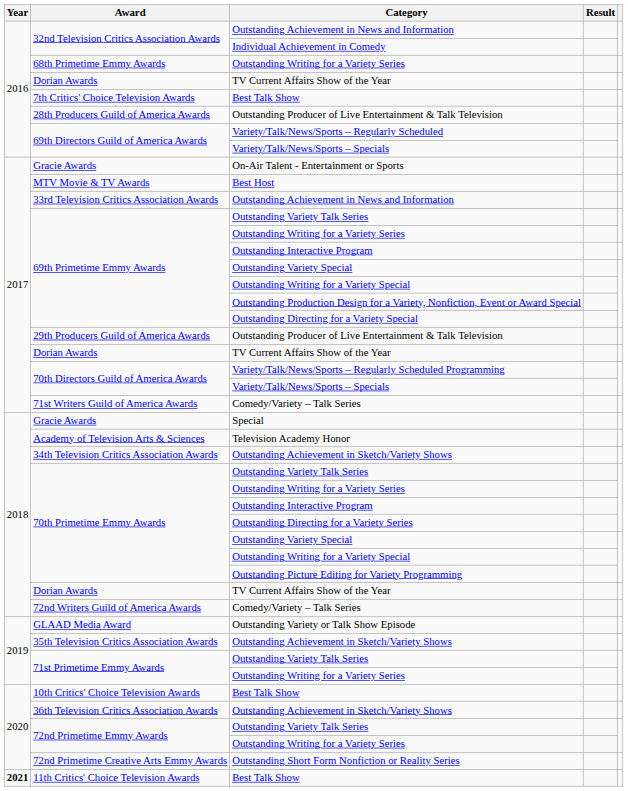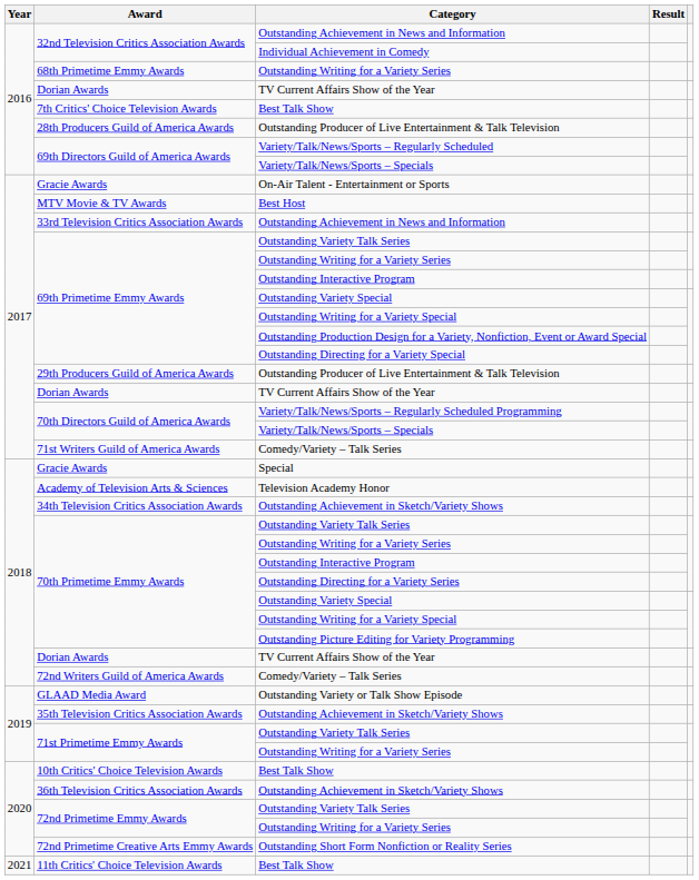 <table class="wikitable sortable">
 <tr>
 <th align="left">Year</th>
 <th align="left">Award</th>
 <th align="left">Category</th>
 <th align="left">Result</th>
 <th scope="col" class="unsortable"></th>
 </tr>
 <tr>
 <td rowspan="8" style="text-align:center;">2016</td>
 <td rowspan="2"><a href='#'>32nd Television Critics Association Awards</a></td>
 <td><a href='#'>Outstanding Achievement in News and Information</a></td>
 <td></td>
 <td rowspan="2"></td>
 </tr>
 <tr>
 <td><a href='#'>Individual Achievement in Comedy</a></td>
 <td></td>
 </tr>
 <tr>
 <td><a href='#'>68th Primetime Emmy Awards</a></td>
 <td><a href='#'>Outstanding Writing for a Variety Series</a></td>
 <td></td>
 <td></td>
 </tr>
 <tr>
 <td><a href='#'>Dorian Awards</a></td>
 <td>TV Current Affairs Show of the Year</td>
 <td></td>
 <td></td>
 </tr>
 <tr>
 <td><a href='#'>7th Critics' Choice Television Awards</a></td>
 <td><a href='#'>Best Talk Show</a></td>
 <td></td>
 <td></td>
 </tr>
 <tr>
 <td><a href='#'>28th Producers Guild of America Awards</a></td>
 <td>Outstanding Producer of Live Entertainment & Talk Television</td>
 <td></td>
 <td></td>
 </tr>
 <tr>
 <td rowspan="2"><a href='#'>69th Directors Guild of America Awards</a></td>
 <td><a href='#'>Variety/Talk/News/Sports – Regularly Scheduled</a></td>
 <td></td>
 <td rowspan="2"></td>
 </tr>
 <tr>
 <td><a href='#'>Variety/Talk/News/Sports – Specials</a></td>
 <td></td>
 </tr>
 <tr>
 <td rowspan="15" style="text-align:center;">2017</td>
 <td><a href='#'>Gracie Awards</a></td>
 <td>On-Air Talent - Entertainment or Sports</td>
 <td></td>
 <td></td>
 </tr>
 <tr>
 <td><a href='#'>MTV Movie & TV Awards</a></td>
 <td><a href='#'>Best Host</a></td>
 <td></td>
 <td></td>
 </tr>
 <tr>
 <td><a href='#'>33rd Television Critics Association Awards</a></td>
 <td><a href='#'>Outstanding Achievement in News and Information</a></td>
 <td></td>
 <td></td>
 </tr>
 <tr>
 <td rowspan="7"><a href='#'>69th Primetime Emmy Awards</a></td>
 <td><a href='#'>Outstanding Variety Talk Series</a></td>
 <td></td>
 <td rowspan="2"></td>
 </tr>
 <tr>
 <td><a href='#'>Outstanding Writing for a Variety Series</a></td>
 <td></td>
 </tr>
 <tr>
 <td><a href='#'>Outstanding Interactive Program</a></td>
 <td></td>
 <td></td>
 </tr>
 <tr>
 <td><a href='#'>Outstanding Variety Special</a></td>
 <td></td>
 <td rowspan="4"></td>
 </tr>
 <tr>
 <td><a href='#'>Outstanding Writing for a Variety Special</a></td>
 <td></td>
 </tr>
 <tr>
 <td><a href='#'>Outstanding Production Design for a Variety, Nonfiction, Event or Award Special</a></td>
 <td></td>
 </tr>
 <tr>
 <td><a href='#'>Outstanding Directing for a Variety Special</a></td>
 <td></td>
 </tr>
 <tr>
 <td><a href='#'>29th Producers Guild of America Awards</a></td>
 <td>Outstanding Producer of Live Entertainment & Talk Television</td>
 <td></td>
 <td></td>
 </tr>
 <tr>
 <td><a href='#'>Dorian Awards</a></td>
 <td>TV Current Affairs Show of the Year</td>
 <td></td>
 <td></td>
 </tr>
 <tr>
 <td rowspan="2"><a href='#'>70th Directors Guild of America Awards</a></td>
 <td><a href='#'>Variety/Talk/News/Sports – Regularly Scheduled Programming</a></td>
 <td></td>
 <td rowspan="2"></td>
 </tr>
 <tr>
 <td><a href='#'>Variety/Talk/News/Sports – Specials</a></td>
 <td></td>
 </tr>
 <tr>
 <td><a href='#'>71st Writers Guild of America Awards</a></td>
 <td>Comedy/Variety – Talk Series</td>
 <td></td>
 <td></td>
 </tr>
 <tr>
 <td rowspan="12" style="text-align:center;">2018</td>
 <td><a href='#'>Gracie Awards</a></td>
 <td>Special</td>
 <td></td>
 <td></td>
 </tr>
 <tr>
 <td><a href='#'>Academy of Television Arts & Sciences</a></td>
 <td>Television Academy Honor</td>
 <td></td>
 <td></td>
 </tr>
 <tr>
 <td><a href='#'>34th Television Critics Association Awards</a></td>
 <td><a href='#'>Outstanding Achievement in Sketch/Variety Shows</a></td>
 <td></td>
 <td></td>
 </tr>
 <tr>
 <td rowspan="7"><a href='#'>70th Primetime Emmy Awards</a></td>
 <td><a href='#'>Outstanding Variety Talk Series</a></td>
 <td></td>
 <td rowspan="4"></td>
 </tr>
 <tr>
 <td><a href='#'>Outstanding Writing for a Variety Series</a></td>
 <td></td>
 </tr>
 <tr>
 <td><a href='#'>Outstanding Interactive Program</a></td>
 <td></td>
 </tr>
 <tr>
 <td><a href='#'>Outstanding Directing for a Variety Series</a></td>
 <td></td>
 </tr>
 <tr>
 <td><a href='#'>Outstanding Variety Special</a></td>
 <td></td>
 <td rowspan="3"></td>
 </tr>
 <tr>
 <td><a href='#'>Outstanding Writing for a Variety Special</a></td>
 <td></td>
 </tr>
 <tr>
 <td><a href='#'>Outstanding Picture Editing for Variety Programming</a></td>
 <td></td>
 </tr>
 <tr>
 <td><a href='#'>Dorian Awards</a></td>
 <td>TV Current Affairs Show of the Year</td>
 <td></td>
 <td></td>
 </tr>
 <tr>
 <td><a href='#'>72nd Writers Guild of America Awards</a></td>
 <td>Comedy/Variety – Talk Series</td>
 <td></td>
 <td></td>
 </tr>
 <tr>
 <td rowspan="4" style="text-align:center;">2019</td>
 <td><a href='#'>GLAAD Media Award</a></td>
 <td>Outstanding Variety or Talk Show Episode</td>
 <td></td>
 <td></td>
 </tr>
 <tr>
 <td><a href='#'>35th Television Critics Association Awards</a></td>
 <td><a href='#'>Outstanding Achievement in Sketch/Variety Shows</a></td>
 <td></td>
 <td></td>
 </tr>
 <tr>
 <td rowspan="2"><a href='#'>71st Primetime Emmy Awards</a></td>
 <td><a href='#'>Outstanding Variety Talk Series</a></td>
 <td></td>
 <td rowspan="2"></td>
 </tr>
 <tr>
 <td><a href='#'>Outstanding Writing for a Variety Series</a></td>
 <td></td>
 </tr>
 <tr>
 <td rowspan="5" style="text-align:center;">2020</td>
 <td><a href='#'>10th Critics' Choice Television Awards</a></td>
 <td><a href='#'>Best Talk Show</a></td>
 <td></td>
 <td></td>
 </tr>
 <tr>
 <td><a href='#'>36th Television Critics Association Awards</a></td>
 <td><a href='#'>Outstanding Achievement in Sketch/Variety Shows</a></td>
 <td></td>
 <td></td>
 </tr>
 <tr>
 <td rowspan="2"><a href='#'>72nd Primetime Emmy Awards</a></td>
 <td><a href='#'>Outstanding Variety Talk Series</a></td>
 <td></td>
 <td rowspan="2"></td>
 </tr>
 <tr>
 <td><a href='#'>Outstanding Writing for a Variety Series</a></td>
 <td></td>
 </tr>
 <tr>
 <td><a href='#'>72nd Primetime Creative Arts Emmy Awards</a></td>
 <td><a href='#'>Outstanding Short Form Nonfiction or Reality Series</a></td>
 <td></td>
 <td></td>
 </tr>
 <tr>
-<td rowspan="1" style="text-align:center;"><strong>2021</strong></td>
+<td rowspan="1" style="text-align:center;">2021</td>
 <td><a href='#'>11th Critics' Choice Television Awards</a></td>
 <td><a href='#'>Best Talk Show</a></td>
 <td></td>
 <td></td>
 </tr>
 </table>
